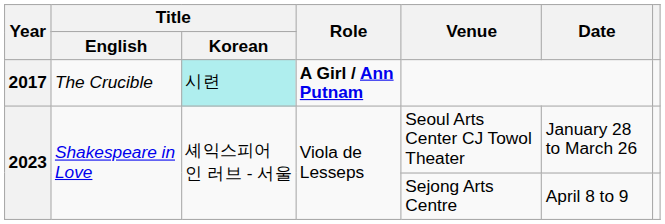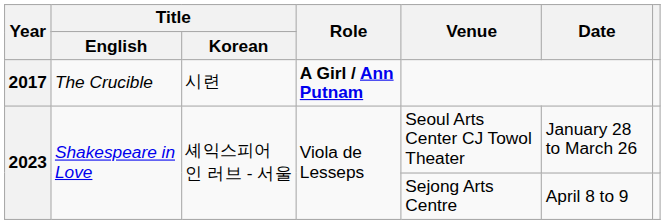 <table class="wikitable sortable plainrowheaders" style="text-align:left; font-size:100%;">
 <tr>
 <th rowspan="2" scope="col">Year</th>
 <th colspan="2" scope="col">Title</th>
 <th rowspan="2" scope="col">Role</th>
 <th rowspan="2" scope="col" class="unsortable">Venue</th>
 <th rowspan="2" scope="col">Date</th>
 <th rowspan="2" scope="col" class="unsortable"></th>
 </tr>
 <tr>
 <th>English</th>
 <th>Korean</th>
 </tr>
 <tr>
 <th scope="row">2017</th>
 <td><em>The Crucible</em></td>
-<td style="background: paleturquoise;">시련</td>
+<td>시련</td>
 <td><strong>A Girl / <a href='#'>Ann Putnam</a></strong></td>
 <td colspan="2"></td>
 <td></td>
 </tr>
 <tr>
 <th rowspan="2" scope="row">2023</th>
 <td rowspan="2"><em><a href='#'>Shakespeare in Love</a></em></td>
 <td rowspan="2">셰익스피어 인 러브 - 서울</td>
 <td rowspan="2">Viola de Lesseps</td>
 <td>Seoul Arts Center CJ Towol Theater</td>
 <td>January 28 to March 26</td>
 <td></td>
 </tr>
 <tr>
 <td>Sejong Arts Centre</td>
 <td>April 8 to 9</td>
 <td></td>
 </tr>
 </table>
